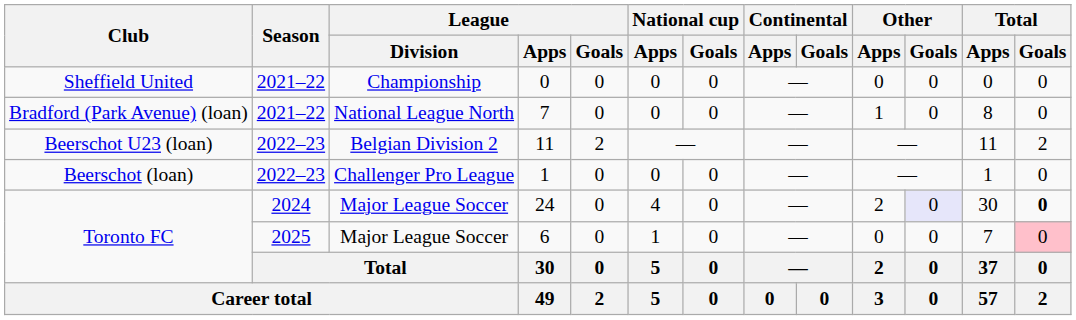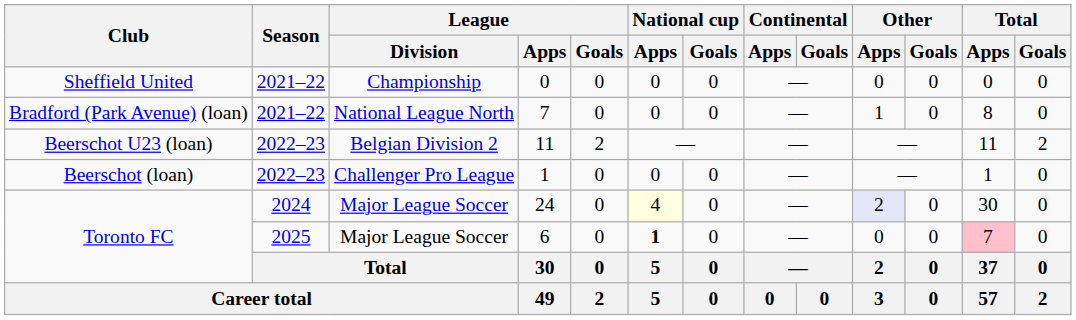 <table class="wikitable" style="text-align: center">
 <tr>
 <th rowspan="2">Club</th>
 <th rowspan="2">Season</th>
 <th colspan="3">League</th>
 <th colspan="2">National cup</th>
 <th colspan="2">Continental</th>
 <th colspan="2">Other</th>
 <th colspan="2">Total</th>
 </tr>
 <tr>
 <th>Division</th>
 <th>Apps</th>
 <th>Goals</th>
 <th>Apps</th>
 <th>Goals</th>
 <th>Apps</th>
 <th>Goals</th>
 <th>Apps</th>
 <th>Goals</th>
 <th>Apps</th>
 <th>Goals</th>
 </tr>
 <tr>
 <td><a href='#'>Sheffield United</a></td>
 <td><a href='#'>2021–22</a></td>
 <td><a href='#'>Championship</a></td>
 <td>0</td>
 <td>0</td>
 <td>0</td>
 <td>0</td>
 <td colspan="2">—</td>
 <td>0</td>
 <td>0</td>
 <td>0</td>
 <td>0</td>
 </tr>
 <tr>
 <td><a href='#'>Bradford (Park Avenue)</a> (loan)</td>
 <td><a href='#'>2021–22</a></td>
 <td><a href='#'>National League North</a></td>
 <td>7</td>
 <td>0</td>
 <td>0</td>
 <td>0</td>
 <td colspan="2">—</td>
 <td>1</td>
 <td>0</td>
 <td>8</td>
 <td>0</td>
 </tr>
 <tr>
 <td><a href='#'>Beerschot U23</a> (loan)</td>
 <td><a href='#'>2022–23</a></td>
 <td><a href='#'>Belgian Division 2</a></td>
 <td>11</td>
 <td>2</td>
 <td colspan="2">—</td>
 <td colspan="2">—</td>
 <td colspan="2">—</td>
 <td>11</td>
 <td>2</td>
 </tr>
 <tr>
 <td><a href='#'>Beerschot</a> (loan)</td>
 <td><a href='#'>2022–23</a></td>
 <td><a href='#'>Challenger Pro League</a></td>
 <td>1</td>
 <td>0</td>
 <td>0</td>
 <td>0</td>
 <td colspan="2">—</td>
 <td colspan="2">—</td>
 <td>1</td>
 <td>0</td>
 </tr>
 <tr>
 <td rowspan="3"><a href='#'>Toronto FC</a></td>
 <td><a href='#'>2024</a></td>
 <td><a href='#'>Major League Soccer</a></td>
 <td>24</td>
 <td>0</td>
-<td>4</td>
+<td style="background: lightyellow;">4</td>
 <td>0</td>
 <td colspan="2">—</td>
-<td>2</td>
-<td style="background: lavender;">0</td>
+<td style="background: lavender;">2</td>
+<td>0</td>
 <td>30</td>
-<td><strong>0</strong></td>
+<td>0</td>
 </tr>
 <tr>
 <td><a href='#'>2025</a></td>
 <td>Major League Soccer</td>
 <td>6</td>
 <td>0</td>
-<td>1</td>
+<td><strong>1</strong></td>
 <td>0</td>
 <td colspan="2">—</td>
 <td>0</td>
 <td>0</td>
-<td>7</td>
-<td style="background: pink;">0</td>
+<td style="background: pink;">7</td>
+<td>0</td>
 </tr>
 <tr>
 <th colspan="2">Total</th>
 <th>30</th>
 <th>0</th>
 <th>5</th>
 <th>0</th>
 <th colspan="2">—</th>
 <th>2</th>
 <th>0</th>
 <th>37</th>
 <th>0</th>
 </tr>
 <tr>
 <th colspan="3">Career total</th>
 <th>49</th>
 <th>2</th>
 <th>5</th>
 <th>0</th>
 <th>0</th>
 <th>0</th>
 <th>3</th>
 <th>0</th>
 <th>57</th>
 <th>2</th>
 </tr>
 </table>
